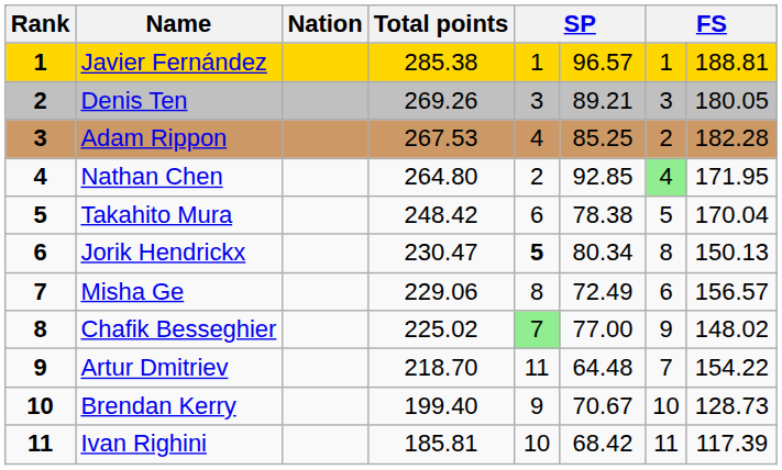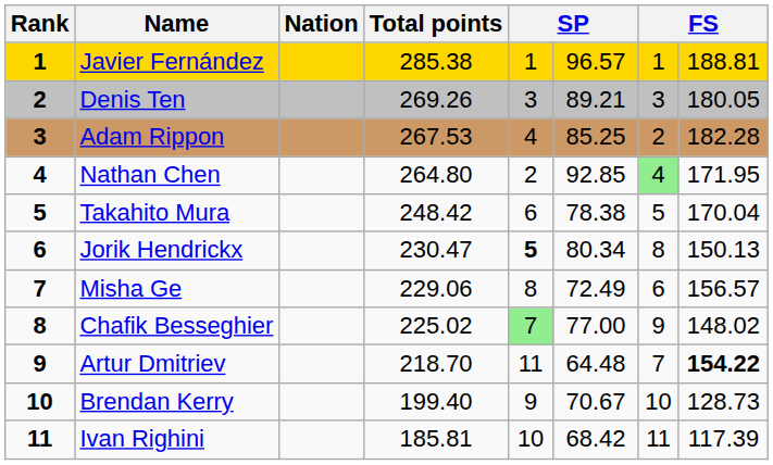 <table class="wikitable sortable">
 <tr>
 <th>Rank</th>
 <th>Name</th>
 <th>Nation</th>
 <th>Total points</th>
 <th colspan="2" width="80px"><a href='#'>SP</a></th>
 <th colspan="2" width="80px"><a href='#'>FS</a></th>
 </tr>
 <tr bgcolor="gold">
 <td align="center"><strong>1</strong></td>
 <td><a href='#'>Javier Fernández</a></td>
 <td></td>
 <td align="center">285.38</td>
 <td align="center">1</td>
 <td align="center">96.57</td>
 <td align="center">1</td>
 <td align="center">188.81</td>
 </tr>
 <tr bgcolor="silver">
 <td align="center"><strong>2</strong></td>
 <td><a href='#'>Denis Ten</a></td>
 <td></td>
 <td align="center">269.26</td>
 <td align="center">3</td>
 <td align="center">89.21</td>
 <td align="center">3</td>
 <td align="center">180.05</td>
 </tr>
 <tr bgcolor="cc9966">
 <td align="center"><strong>3</strong></td>
 <td><a href='#'>Adam Rippon</a></td>
 <td></td>
 <td align="center">267.53</td>
 <td align="center">4</td>
 <td align="center">85.25</td>
 <td align="center">2</td>
 <td align="center">182.28</td>
 </tr>
 <tr>
 <td align="center"><strong>4</strong></td>
 <td><a href='#'>Nathan Chen</a></td>
 <td></td>
 <td align="center">264.80</td>
 <td align="center">2</td>
 <td align="center">92.85</td>
 <td align="center" style="background: lightgreen;">4</td>
 <td align="center">171.95</td>
 </tr>
 <tr>
 <td align="center"><strong>5</strong></td>
 <td><a href='#'>Takahito Mura</a></td>
 <td></td>
 <td align="center">248.42</td>
 <td align="center">6</td>
 <td align="center">78.38</td>
 <td align="center">5</td>
 <td align="center">170.04</td>
 </tr>
 <tr>
 <td align="center"><strong>6</strong></td>
 <td><a href='#'>Jorik Hendrickx</a></td>
 <td></td>
 <td align="center">230.47</td>
 <td align="center"><strong>5</strong></td>
 <td align="center">80.34</td>
 <td align="center">8</td>
 <td align="center">150.13</td>
 </tr>
 <tr>
 <td align="center"><strong>7</strong></td>
 <td><a href='#'>Misha Ge</a></td>
 <td></td>
 <td align="center">229.06</td>
 <td align="center">8</td>
 <td align="center">72.49</td>
 <td align="center">6</td>
 <td align="center">156.57</td>
 </tr>
 <tr>
 <td align="center"><strong>8</strong></td>
 <td><a href='#'>Chafik Besseghier</a></td>
 <td></td>
 <td align="center">225.02</td>
 <td align="center" style="background: lightgreen;">7</td>
 <td align="center">77.00</td>
 <td align="center">9</td>
 <td align="center">148.02</td>
 </tr>
 <tr>
 <td align="center"><strong>9</strong></td>
 <td><a href='#'>Artur Dmitriev</a></td>
 <td></td>
 <td align="center">218.70</td>
 <td align="center">11</td>
 <td align="center">64.48</td>
 <td align="center">7</td>
-<td align="center">154.22</td>
+<td align="center"><strong>154.22</strong></td>
 </tr>
 <tr>
 <td align="center"><strong>10</strong></td>
 <td><a href='#'>Brendan Kerry</a></td>
 <td></td>
 <td align="center">199.40</td>
 <td align="center">9</td>
 <td align="center">70.67</td>
 <td align="center">10</td>
 <td align="center">128.73</td>
 </tr>
 <tr>
 <td align="center"><strong>11</strong></td>
 <td><a href='#'>Ivan Righini</a></td>
 <td></td>
 <td align="center">185.81</td>
 <td align="center">10</td>
 <td align="center">68.42</td>
 <td align="center">11</td>
 <td align="center">117.39</td>
 </tr>
 </table>
